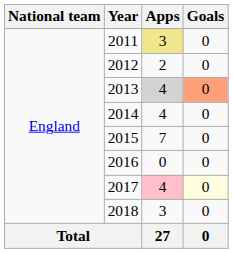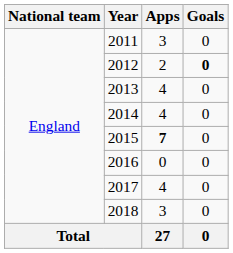 <table class="wikitable" style="text-align:center">
 <tr>
 <th>National team</th>
 <th>Year</th>
 <th>Apps</th>
 <th>Goals</th>
 </tr>
 <tr>
 <td rowspan="8"><a href='#'>England</a></td>
 <td>2011</td>
-<td style="background: khaki;">3</td>
+<td>3</td>
 <td>0</td>
 </tr>
 <tr>
 <td>2012</td>
 <td>2</td>
-<td>0</td>
+<td><strong>0</strong></td>
 </tr>
 <tr>
 <td>2013</td>
-<td style="background: lightgrey;">4</td>
-<td style="background: lightsalmon;">0</td>
+<td>4</td>
+<td>0</td>
 </tr>
 <tr>
 <td>2014</td>
 <td>4</td>
 <td>0</td>
 </tr>
 <tr>
 <td>2015</td>
-<td>7</td>
+<td><strong>7</strong></td>
 <td>0</td>
 </tr>
 <tr>
 <td>2016</td>
 <td>0</td>
 <td>0</td>
 </tr>
 <tr>
 <td>2017</td>
-<td style="background: pink;">4</td>
-<td style="background: lightyellow;">0</td>
+<td>4</td>
+<td>0</td>
 </tr>
 <tr>
 <td>2018</td>
 <td>3</td>
 <td>0</td>
 </tr>
 <tr>
 <th colspan="2">Total</th>
 <th>27</th>
 <th>0</th>
 </tr>
 </table>
